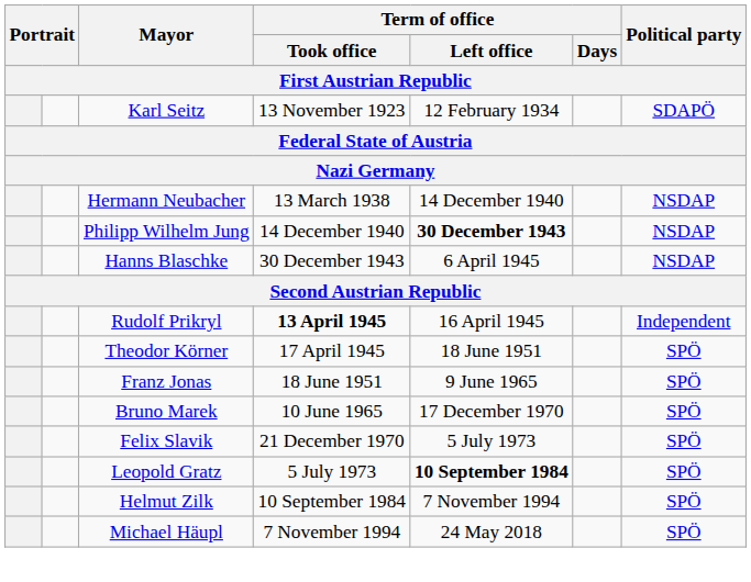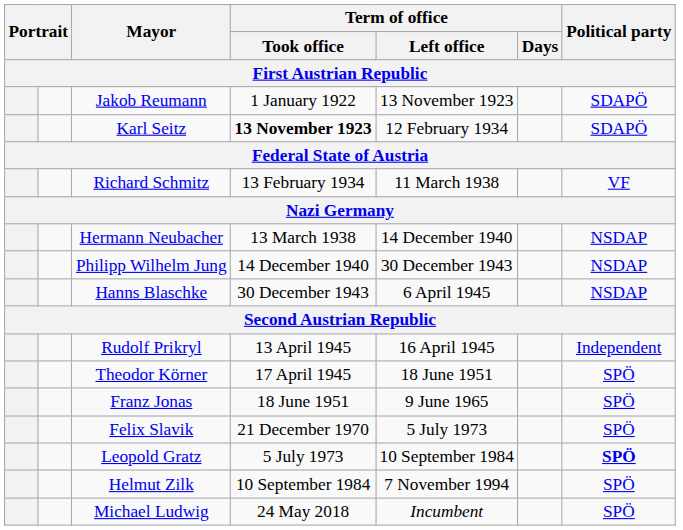 <table class="wikitable" style="text-align:center">
 <tr>
 <th rowspan=2 colspan=2>Portrait</th>
 <th rowspan=2>Mayor</th>
 <th colspan=3>Term of office</th>
 <th rowspan=2>Political party</th>
 </tr>
 <tr>
 <th>Took office</th>
 <th>Left office</th>
 <th>Days</th>
 </tr>
 <tr>
 <th colspan="7"><a href='#'>First Austrian Republic</a></th>
 </tr>
 <tr>
 <th style="background:"></th>
 <td></td>
+<td><a href='#'>Jakob Reumann</a></td>
+<td>1 January 1922</td>
+<td>13 November 1923</td>
+<td></td>
+<td><a href='#'>SDAPÖ</a></td>
+</tr>
+<tr>
+<th style="background:"></th>
+<td></td>
 <td><a href='#'>Karl Seitz</a></td>
-<td>13 November 1923</td>
+<td><strong>13 November 1923</strong></td>
 <td>12 February 1934</td>
 <td></td>
 <td><a href='#'>SDAPÖ</a></td>
 </tr>
 <tr>
 <th colspan="7"><a href='#'>Federal State of Austria</a></th>
+</tr>
+<tr>
+<th style="background:"></th>
+<td></td>
+<td><a href='#'>Richard Schmitz</a></td>
+<td>13 February 1934</td>
+<td>11 March 1938</td>
+<td></td>
+<td><a href='#'>VF</a></td>
 </tr>
 <tr>
 <th colspan="7"><a href='#'>Nazi Germany</a></th>
 </tr>
 <tr>
 <th style="background:"></th>
 <td></td>
 <td><a href='#'>Hermann Neubacher</a></td>
 <td>13 March 1938</td>
 <td>14 December 1940</td>
 <td></td>
 <td><a href='#'>NSDAP</a></td>
 </tr>
 <tr>
 <th style="background:"></th>
 <td></td>
 <td><a href='#'>Philipp Wilhelm Jung</a></td>
 <td>14 December 1940</td>
-<td><strong>30 December 1943</strong></td>
+<td>30 December 1943</td>
 <td></td>
 <td><a href='#'>NSDAP</a></td>
 </tr>
 <tr>
 <th style="background:"></th>
 <td></td>
 <td><a href='#'>Hanns Blaschke</a></td>
 <td>30 December 1943</td>
 <td>6 April 1945</td>
 <td></td>
 <td><a href='#'>NSDAP</a></td>
 </tr>
 <tr>
 <th colspan="7"><a href='#'>Second Austrian Republic</a></th>
 </tr>
 <tr>
 <th style="background:"></th>
 <td></td>
 <td><a href='#'>Rudolf Prikryl</a></td>
-<td><strong>13 April 1945</strong></td>
+<td>13 April 1945</td>
 <td>16 April 1945</td>
 <td></td>
 <td><a href='#'>Independent</a></td>
 </tr>
 <tr>
 <th style="background:"></th>
 <td></td>
 <td><a href='#'>Theodor Körner</a></td>
 <td>17 April 1945</td>
 <td>18 June 1951</td>
 <td></td>
 <td><a href='#'>SPÖ</a></td>
 </tr>
 <tr>
 <th style="background:"></th>
 <td></td>
 <td><a href='#'>Franz Jonas</a></td>
 <td>18 June 1951</td>
 <td>9 June 1965</td>
 <td></td>
 <td><a href='#'>SPÖ</a></td>
 </tr>
 <tr>
 <th style="background:"></th>
 <td></td>
-<td><a href='#'>Bruno Marek</a></td>
-<td>10 June 1965</td>
-<td>17 December 1970</td>
-<td></td>
-<td><a href='#'>SPÖ</a></td>
-</tr>
-<tr>
-<th style="background:"></th>
-<td></td>
 <td><a href='#'>Felix Slavik</a></td>
 <td>21 December 1970</td>
 <td>5 July 1973</td>
 <td></td>
 <td><a href='#'>SPÖ</a></td>
 </tr>
 <tr>
 <th style="background:"></th>
 <td></td>
 <td><a href='#'>Leopold Gratz</a></td>
 <td>5 July 1973</td>
-<td><strong>10 September 1984</strong></td>
+<td>10 September 1984</td>
 <td></td>
-<td><a href='#'>SPÖ</a></td>
+<td><strong><a href='#'>SPÖ</a></strong></td>
 </tr>
 <tr>
 <th style="background:"></th>
 <td></td>
 <td><a href='#'>Helmut Zilk</a></td>
 <td>10 September 1984</td>
 <td>7 November 1994</td>
 <td></td>
 <td><a href='#'>SPÖ</a></td>
 </tr>
 <tr>
 <th style="background:"></th>
 <td></td>
-<td><a href='#'>Michael Häupl</a></td>
-<td>7 November 1994</td>
+<td><a href='#'>Michael Ludwig</a></td>
 <td>24 May 2018</td>
+<td><em>Incumbent</em></td>
 <td></td>
 <td><a href='#'>SPÖ</a></td>
 </tr>
 </table>
